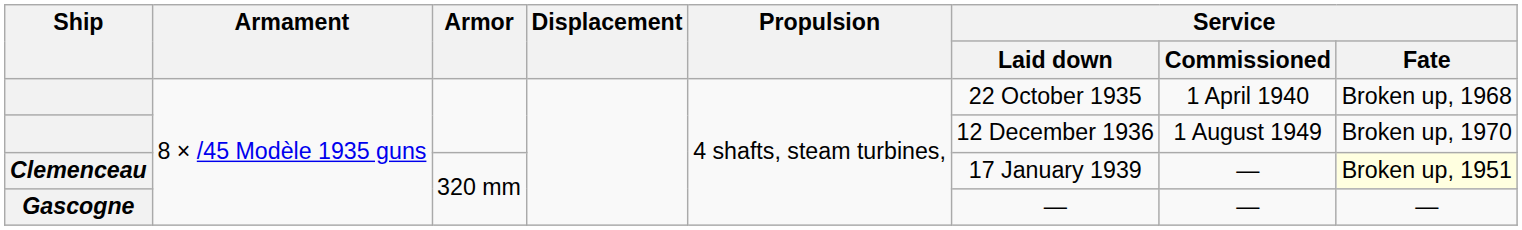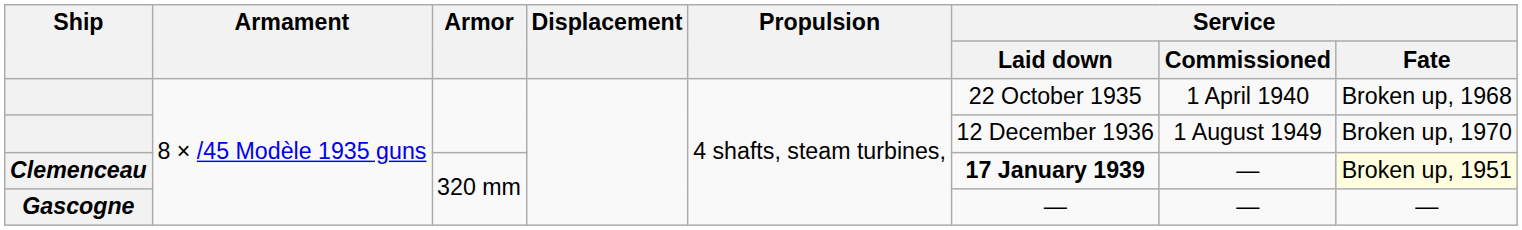 <table class="wikitable plainrowheaders" style="text-align: center;">
 <tr valign="top">
 <th scope="col" rowspan="2">Ship</th>
 <th scope="col" rowspan="2">Armament</th>
 <th scope="col" rowspan="2">Armor</th>
 <th scope="col" rowspan="2">Displacement</th>
 <th scope="col" rowspan="2">Propulsion</th>
 <th scope="col" colspan="3">Service</th>
 </tr>
 <tr valign="top">
 <th scope="col">Laid down</th>
 <th scope="col">Commissioned</th>
 <th scope="col">Fate</th>
 </tr>
 <tr valign="center">
 <th scope="row"></th>
 <td rowspan="4">8 × <a href='#'> /45 Modèle 1935 guns</a></td>
 <td rowspan="2"></td>
 <td rowspan="4"></td>
 <td rowspan="4">4 shafts, steam turbines, </td>
 <td>22 October 1935</td>
 <td>1 April 1940</td>
 <td>Broken up, 1968</td>
 </tr>
 <tr valign="center">
 <th scope="row"></th>
 <td>12 December 1936</td>
 <td>1 August 1949</td>
 <td>Broken up, 1970</td>
 </tr>
 <tr valign="center">
 <th scope="row"><em>Clemenceau</em></th>
 <td rowspan="2">320 mm</td>
-<td>17 January 1939</td>
+<td><strong>17 January 1939</strong></td>
 <td>—</td>
 <td style="background: lightyellow;">Broken up, 1951</td>
 </tr>
 <tr valign="center">
 <th scope="row"><em>Gascogne</em></th>
 <td>—</td>
 <td>—</td>
 <td>—</td>
 </tr>
 </table>
